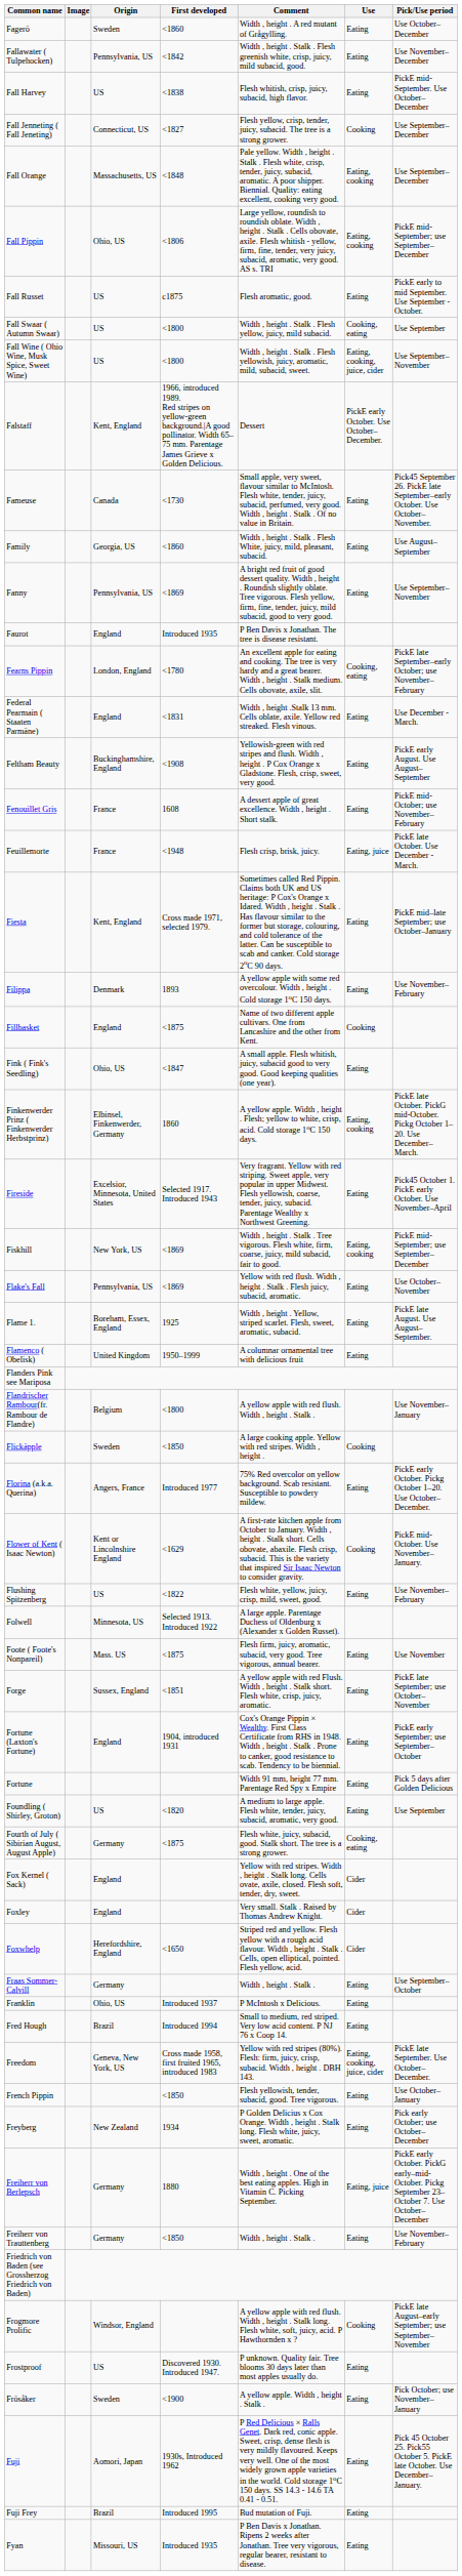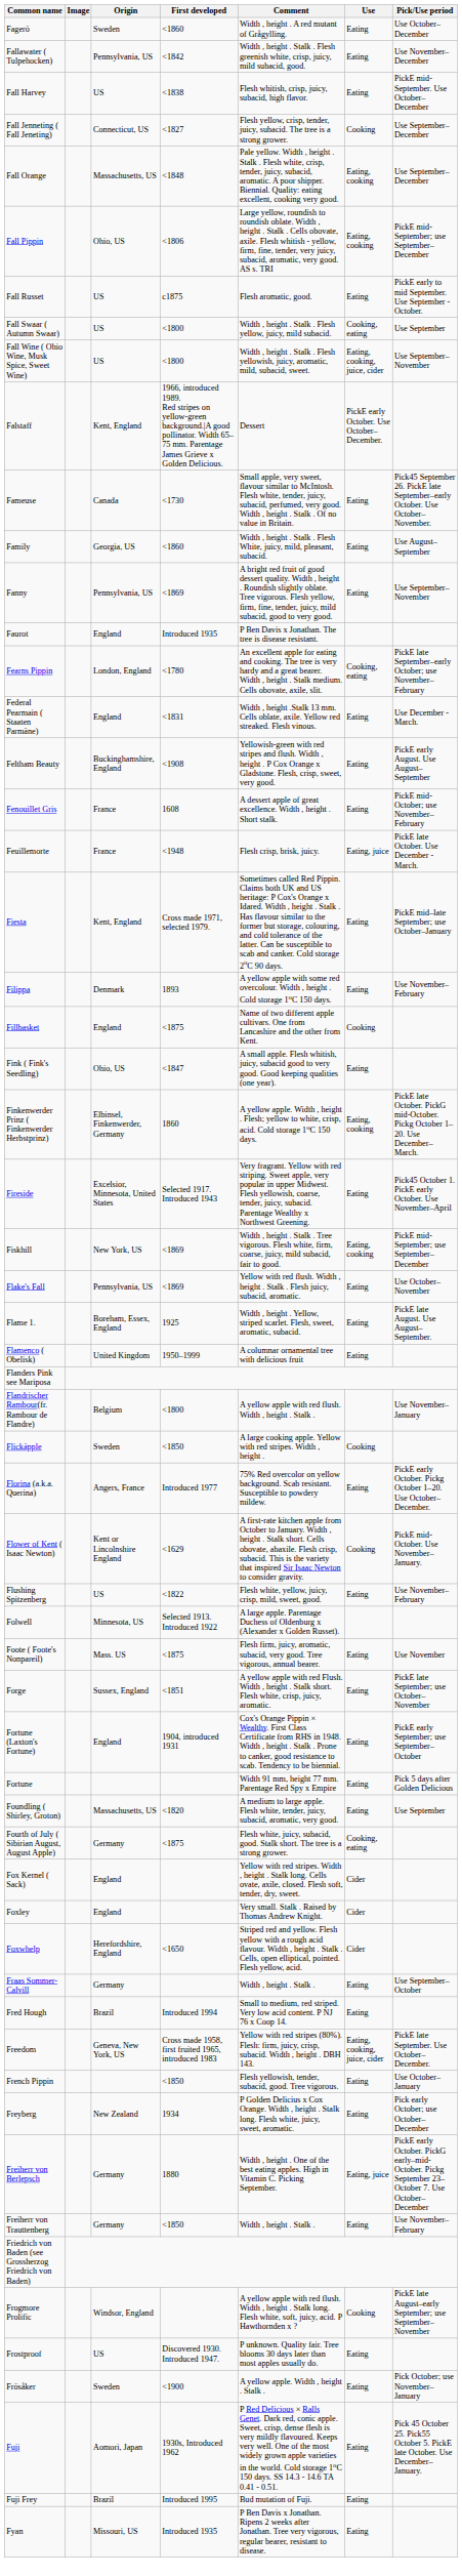 <table class="wikitable sortable">
 <tr>
 <th>Common name</th>
 <th>Image</th>
 <th>Origin</th>
 <th>First developed</th>
 <th>Comment</th>
 <th>Use</th>
 <th>Pick/Use period</th>
 </tr>
 <tr>
 <td>Fagerö</td>
 <td></td>
 <td>Sweden</td>
 <td><1860</td>
 <td>Width , height . A red mutant of Grågylling.</td>
 <td>Eating</td>
 <td>Use October–December</td>
 </tr>
 <tr>
 <td>Fallawater ( Tulpehocken)</td>
 <td></td>
 <td>Pennsylvania, US</td>
 <td><1842</td>
 <td>Width , height . Stalk . Flesh greenish white, crisp, juicy, mild subacid, good.</td>
 <td>Eating</td>
 <td>Use November–December</td>
 </tr>
 <tr>
 <td>Fall Harvey</td>
 <td></td>
 <td>US</td>
 <td><1838</td>
 <td>Flesh whitish, crisp, juicy, subacid, high flavor.</td>
 <td>Eating</td>
 <td>PickE mid-September. Use October–December</td>
 </tr>
 <tr>
 <td>Fall Jenneting ( Fall Jeneting)</td>
 <td></td>
 <td>Connecticut, US</td>
 <td><1827</td>
 <td>Flesh yellow, crisp, tender, juicy, subacid. The tree is a strong grower.</td>
 <td>Cooking</td>
 <td>Use September–December</td>
 </tr>
 <tr>
 <td>Fall Orange</td>
 <td></td>
 <td>Massachusetts, US</td>
 <td><1848</td>
 <td>Pale yellow. Width , height . Stalk . Flesh white, crisp, tender, juicy, subacid, aromatic. A poor shipper. Biennial. Quality: eating excellent, cooking very good.</td>
 <td>Eating, cooking</td>
 <td>Use September–December</td>
 </tr>
 <tr>
 <td><a href='#'>Fall Pippin</a></td>
 <td></td>
 <td>Ohio, US</td>
 <td><1806</td>
 <td>Large yellow, roundish to roundish oblate. Width , height . Stalk . Cells obovate, axile. Flesh whitish - yellow, firm, fine, tender, very juicy, subacid, aromatic, very good. AS s. TRI</td>
 <td>Eating, cooking</td>
 <td>PickE mid-September; use September–December</td>
 </tr>
 <tr>
 <td>Fall Russet</td>
 <td></td>
 <td>US</td>
 <td>c1875</td>
 <td>Flesh aromatic, good.</td>
 <td>Eating</td>
 <td>PickE early to mid September. Use September - October.</td>
 </tr>
 <tr>
 <td>Fall Swaar ( Autumn Swaar)</td>
 <td></td>
 <td>US</td>
 <td><1800</td>
 <td>Width , height . Stalk . Flesh yellow, juicy, mild subacid.</td>
 <td>Cooking, eating</td>
 <td>Use September</td>
 </tr>
 <tr>
 <td>Fall Wine ( Ohio Wine, Musk Spice, Sweet Wine)</td>
 <td></td>
 <td>US</td>
 <td><1800</td>
 <td>Width , height . Stalk . Flesh yellowish, juicy, aromatic, mild, subacid, sweet.</td>
 <td>Eating, cooking, juice, cider</td>
 <td>Use September–November</td>
 </tr>
 <tr>
 <td>Falstaff</td>
 <td></td>
 <td>Kent, England</td>
 <td>1966, introduced 1989.<br>Red stripes on yellow-green background.|A good pollinator. Width 65–75 mm. Parentage James Grieve x Golden Delicious.</td>
 <td>Dessert</td>
 <td>PickE early October. Use October–December.</td>
 </tr>
 <tr>
 <td>Fameuse</td>
 <td></td>
 <td>Canada</td>
 <td><1730</td>
 <td>Small apple, very sweet, flavour similar to McIntosh. Flesh white, tender, juicy, subacid, perfumed, very good. Width , height . Stalk . Of no value in Britain.</td>
 <td>Eating</td>
 <td>Pick45 September 26. PickE late September–early October. Use October–November.</td>
 </tr>
 <tr>
 <td>Family</td>
 <td></td>
 <td>Georgia, US</td>
 <td><1860</td>
 <td>Width , height . Stalk . Flesh White, juicy, mild, pleasant, subacid.</td>
 <td>Eating</td>
 <td>Use August–September</td>
 </tr>
 <tr>
 <td>Fanny</td>
 <td></td>
 <td>Pennsylvania, US</td>
 <td><1869</td>
 <td>A bright red fruit of good dessert quality. Width , height . Roundish slightly oblate. Tree vigorous. Flesh yellow, firm, fine, tender, juicy, mild subacid, good to very good.</td>
 <td>Eating</td>
 <td>Use September–November</td>
 </tr>
 <tr>
 <td>Faurot</td>
 <td></td>
 <td>England</td>
 <td>Introduced 1935</td>
 <td>P Ben Davis x Jonathan. The tree is disease resistant.</td>
 <td></td>
 <td></td>
 </tr>
 <tr>
 <td><a href='#'>Fearns Pippin</a></td>
 <td></td>
 <td>London, England</td>
 <td><1780</td>
 <td>An excellent apple for eating and cooking. The tree is very hardy and a great bearer. Width , height . Stalk medium. Cells obovate, axile, slit.</td>
 <td>Cooking, eating</td>
 <td>PickE late September–early October; use November–February</td>
 </tr>
 <tr>
 <td>Federal Pearmain ( Staaten Parmäne)</td>
 <td></td>
 <td>England</td>
 <td><1831</td>
 <td>Width , height .Stalk 13 mm. Cells oblate, axile. Yellow red streaked. Flesh vinous.</td>
 <td>Eating</td>
 <td>Use December - March.</td>
 </tr>
 <tr>
 <td>Feltham Beauty</td>
 <td></td>
 <td>Buckinghamshire, England</td>
 <td><1908</td>
 <td>Yellowish-green with red stripes and flush. Width , height . P Cox Orange x Gladstone. Flesh, crisp, sweet, very good.</td>
 <td>Eating</td>
 <td>PickE early August. Use August–September</td>
 </tr>
 <tr>
 <td><a href='#'>Fenouillet Gris</a></td>
 <td></td>
 <td>France</td>
 <td>1608</td>
 <td>A dessert apple of great excellence. Width , height . Short stalk.</td>
 <td>Eating</td>
 <td>PickE mid-October; use November–February</td>
 </tr>
 <tr>
 <td>Feuillemorte</td>
 <td></td>
 <td>France</td>
 <td><1948</td>
 <td>Flesh crisp, brisk, juicy.</td>
 <td>Eating, juice</td>
 <td>PickE late October. Use December - March.</td>
 </tr>
 <tr>
 <td><a href='#'>Fiesta</a> </td>
 <td></td>
 <td>Kent, England</td>
 <td>Cross made 1971, selected 1979.</td>
 <td>Sometimes called Red Pippin. Claims both UK and US heritage: P Cox's Orange x Idared. Width , height . Stalk . Has flavour similar to the former but storage, colouring, and cold tolerance of the latter. Can be susceptible to scab and canker. Cold storage 2<sup>o</sup>C 90 days.</td>
 <td>Eating</td>
 <td>PickE mid–late September; use October–January</td>
 </tr>
 <tr>
 <td><a href='#'>Filippa</a></td>
 <td></td>
 <td>Denmark</td>
 <td>1893</td>
 <td>A yellow apple with some red overcolour. Width , height . Cold storage 1<sup>o</sup>C 150 days.</td>
 <td>Eating</td>
 <td>Use November–February</td>
 </tr>
 <tr>
 <td><a href='#'>Fillbasket</a></td>
 <td></td>
 <td>England</td>
 <td><1875</td>
 <td>Name of two different apple cultivars. One from Lancashire and the other from Kent.</td>
 <td>Cooking</td>
 <td></td>
 </tr>
 <tr>
 <td>Fink ( Fink's Seedling)</td>
 <td></td>
 <td>Ohio, US</td>
 <td><1847</td>
 <td>A small apple. Flesh whitish, juicy, subacid good to very good. Good keeping qualities (one year).</td>
 <td>Eating</td>
 <td></td>
 </tr>
 <tr>
 <td>Finkenwerder Prinz ( Finkenwerder Herbstprinz)</td>
 <td></td>
 <td>Elbinsel, Finkenwerder, Germany</td>
 <td>1860</td>
 <td>A yellow apple.  Width , height . Flesh; yellow to white, crisp, acid. Cold storage 1<sup>o</sup>C 150 days.</td>
 <td>Eating, cooking</td>
 <td>PickE late October. PickG mid-October. Pickg October 1–20. Use December–March.</td>
 </tr>
 <tr>
 <td><a href='#'>Fireside</a></td>
 <td></td>
 <td>Excelsior, Minnesota, United States</td>
 <td>Selected 1917. Introduced 1943</td>
 <td>Very fragrant. Yellow with red striping. Sweet apple, very popular in upper Midwest. Flesh yellowish, coarse, tender, juicy, subacid. Parentage Wealthy x Northwest Greening.</td>
 <td>Eating</td>
 <td>Pick45 October 1. PickE early October. Use November–April</td>
 </tr>
 <tr>
 <td>Fiskhill</td>
 <td></td>
 <td>New York, US</td>
 <td><1869</td>
 <td>Width , height . Stalk . Tree vigorous. Flesh white, firm, coarse, juicy, mild subacid, fair to good.</td>
 <td>Eating, cooking</td>
 <td>PickE mid-September; use September–December</td>
 </tr>
 <tr>
 <td><a href='#'>Flake's Fall</a></td>
 <td></td>
 <td>Pennsylvania, US</td>
 <td><1869</td>
 <td>Yellow with red flush. Width , height . Stalk . Flesh juicy, subacid, aromatic.</td>
 <td>Eating</td>
 <td>Use October–November</td>
 </tr>
 <tr>
 <td>Flame 1.</td>
 <td></td>
 <td>Boreham, Essex, England</td>
 <td>1925</td>
 <td>Width , height . Yellow, striped scarlet. Flesh, sweet, aromatic, subacid.</td>
 <td>Eating</td>
 <td>PickE late August. Use August–September.</td>
 </tr>
 <tr>
 <td><a href='#'>Flamenco</a> ( Obelisk)</td>
 <td></td>
 <td>United Kingdom</td>
 <td>1950–1999</td>
 <td>A columnar ornamental tree with delicious fruit</td>
 <td>Eating</td>
 <td></td>
 </tr>
 <tr>
 <td>Flanders Pink see Mariposa</td>
 </tr>
 <tr>
 <td><a href='#'>Flandrischer Rambour</a>(fr. Rambour de Flandre)</td>
 <td></td>
 <td>Belgium</td>
 <td><1800</td>
 <td>A yellow apple with red flush. Width , height . Stalk .</td>
 <td></td>
 <td>Use November–January</td>
 </tr>
 <tr>
 <td><a href='#'>Flickäpple</a></td>
 <td></td>
 <td>Sweden</td>
 <td><1850</td>
 <td>A large cooking apple. Yellow with red stripes. Width , height .</td>
 <td>Cooking</td>
 <td></td>
 </tr>
 <tr>
 <td><a href='#'>Florina</a> (a.k.a. Querina) </td>
 <td></td>
 <td>Angers, France</td>
 <td>Introduced 1977</td>
 <td>75% Red overcolor on yellow background. Scab resistant. Susceptible to powdery mildew.</td>
 <td>Eating</td>
 <td>PickE early October. Pickg October 1–20.  Use October–December.</td>
 </tr>
 <tr>
 <td><a href='#'>Flower of Kent</a> ( Isaac Newton)</td>
 <td></td>
 <td>Kent or Lincolnshire England</td>
 <td><1629</td>
 <td>A first-rate kitchen apple from October to January. Width , height . Stalk short. Cells obovate, abaxile. Flesh crisp, subacid. This is the variety that inspired <a href='#'>Sir Isaac Newton</a> to consider gravity.</td>
 <td>Cooking</td>
 <td>PickE mid-October. Use November–January.</td>
 </tr>
 <tr>
 <td>Flushing Spitzenberg</td>
 <td></td>
 <td>US</td>
 <td><1822</td>
 <td>Flesh white, yellow, juicy, crisp, mild, sweet, good.</td>
 <td>Eating</td>
 <td>Use November–February</td>
 </tr>
 <tr>
 <td>Folwell</td>
 <td></td>
 <td>Minnesota, US</td>
 <td>Selected 1913. Introduced 1922</td>
 <td>A large apple. Parentage Duchess of Oldenburg x (Alexander x Golden Russet).</td>
 <td></td>
 <td></td>
 </tr>
 <tr>
 <td>Foote ( Foote's Nonpareil)</td>
 <td></td>
 <td>Mass. US</td>
 <td><1875</td>
 <td>Flesh firm, juicy, aromatic, subacid, very good. Tree vigorous, annual bearer.</td>
 <td>Eating</td>
 <td>Use November</td>
 </tr>
 <tr>
 <td>Forge</td>
 <td></td>
 <td>Sussex, England</td>
 <td><1851</td>
 <td>A yellow apple with red Flush. Width , height . Stalk short. Flesh white, crisp, juicy, aromatic.</td>
 <td>Eating</td>
 <td>PickE late September; use October–November</td>
 </tr>
 <tr>
 <td>Fortune  (Laxton's Fortune)</td>
 <td></td>
 <td>England</td>
 <td>1904, introduced 1931</td>
 <td>Cox's Orange Pippin × <a href='#'>Wealthy</a>. First Class Certificate from RHS in 1948. Width , height . Stalk . Prone to canker, good resistance to scab. Tendency to be biennial.</td>
 <td>Eating</td>
 <td>PickE early September; use September–October</td>
 </tr>
 <tr>
 <td>Fortune</td>
 <td></td>
 <td></td>
 <td></td>
 <td>Width  91 mm, height 77 mm. Parentage Red Spy x Empire</td>
 <td>Eating</td>
 <td>Pick 5 days after Golden Delicious</td>
 </tr>
 <tr>
 <td>Foundling ( Shirley, Groton)</td>
 <td></td>
-<td>US</td>
+<td>Massachusetts, US</td>
 <td><1820</td>
 <td>A medium to large apple. Flesh white, tender, juicy, subacid, aromatic, very good.</td>
 <td>Eating</td>
 <td>Use September</td>
 </tr>
 <tr>
 <td>Fourth of July ( Sibirian August, August Apple)</td>
 <td></td>
 <td>Germany</td>
 <td><1875</td>
 <td>Flesh white, juicy, subacid, good. Stalk short. The tree is a strong grower.</td>
 <td>Cooking, eating</td>
 <td></td>
 </tr>
 <tr>
 <td>Fox Kernel ( Sack)</td>
 <td></td>
 <td>England</td>
 <td></td>
 <td>Yellow with red stripes. Width , height . Stalk long. Cells ovate, axile, closed. Flesh soft, tender, dry, sweet.</td>
 <td>Cider</td>
 <td></td>
 </tr>
 <tr>
 <td>Foxley</td>
 <td></td>
 <td>England</td>
 <td></td>
 <td>Very small. Stalk . Raised by Thomas Andrew Knight.</td>
 <td>Cider</td>
 <td></td>
 </tr>
 <tr>
 <td><a href='#'>Foxwhelp</a></td>
 <td></td>
 <td>Herefordshire, England</td>
 <td><1650</td>
 <td>Striped red and yellow. Flesh yellow with a rough acid flavour. Width , height . Stalk . Cells, open elliptical, pointed. Flesh yellow, acid.</td>
 <td>Cider</td>
 <td></td>
 </tr>
 <tr>
 <td><a href='#'>Fraas Sommer-Calvill</a></td>
 <td></td>
 <td>Germany</td>
 <td></td>
 <td>Width , height . Stalk .</td>
 <td>Eating</td>
 <td>Use September–October</td>
-</tr>
-<tr>
-<td>Franklin</td>
-<td></td>
-<td>Ohio, US</td>
-<td>Introduced 1937</td>
-<td>P McIntosh x Delicious.</td>
-<td>Eating</td>
-<td></td>
 </tr>
 <tr>
 <td>Fred Hough</td>
 <td></td>
 <td>Brazil</td>
 <td>Introduced 1994</td>
 <td>Small to medium, red striped. Very low acid content. P NJ 76 x Coop 14.</td>
 <td>Eating</td>
 <td></td>
 </tr>
 <tr>
 <td>Freedom</td>
 <td></td>
 <td>Geneva, New York, US</td>
 <td>Cross made 1958, first fruited 1965, introduced 1983</td>
 <td>Yellow with red stripes (80%). Flesh: firm, juicy, crisp, subacid. Width , height . DBH 143.</td>
 <td>Eating, cooking, juice, cider</td>
 <td>PickE late September. Use October–December.</td>
 </tr>
 <tr>
 <td>French Pippin</td>
 <td></td>
 <td></td>
 <td><1850</td>
 <td>Flesh yellowish, tender, subacid, good. Tree vigorous.</td>
 <td>Eating</td>
 <td>Use October–January</td>
 </tr>
 <tr>
 <td>Freyberg</td>
 <td></td>
 <td>New Zealand</td>
 <td>1934</td>
 <td>P Golden Delicius x Cox Orange. Width , height . Stalk long. Flesh white, juicy, sweet, aromatic.</td>
 <td>Eating</td>
 <td>Pick early October; use October–December</td>
 </tr>
 <tr>
 <td><a href='#'>Freiherr von Berlepsch</a></td>
 <td></td>
 <td>Germany</td>
 <td>1880</td>
 <td>Width , height . One of the best eating apples. High in Vitamin C. Picking September.</td>
 <td>Eating, juice</td>
 <td>PickE early October. PickG early–mid-October. Pickg September 23–October 7. Use October–December</td>
 </tr>
 <tr>
 <td>Freiherr von Trauttenberg</td>
 <td></td>
 <td>Germany</td>
 <td><1850</td>
 <td>Width , height . Stalk .</td>
 <td>Eating</td>
 <td>Use November–February</td>
 </tr>
 <tr>
 <td>Friedrich von Baden (see Grossherzog Friedrich von Baden)</td>
 </tr>
 <tr>
 <td>Frogmore Prolific</td>
 <td></td>
 <td>Windsor, England</td>
 <td></td>
 <td>A yellow apple with red flush. Width , height . Stalk long. Flesh white, soft, juicy, acid. P Hawthornden x ?</td>
 <td>Cooking</td>
 <td>PickE late August–early September; use September–November</td>
 </tr>
 <tr>
 <td>Frostproof</td>
 <td></td>
 <td>US</td>
 <td>Discovered 1930. Introduced 1947.</td>
 <td>P unknown. Quality fair. Tree blooms 30 days later than most apples usually do.</td>
 <td>Eating</td>
 <td></td>
 </tr>
 <tr>
 <td>Frösåker</td>
 <td></td>
 <td>Sweden</td>
 <td><1900</td>
 <td>A yellow apple. Width , height . Stalk .</td>
 <td>Eating</td>
 <td>Pick October; use November–January</td>
 </tr>
 <tr>
 <td><a href='#'>Fuji</a></td>
 <td></td>
 <td>Aomori, Japan</td>
 <td>1930s, Introduced 1962</td>
 <td>P <a href='#'>Red Delicious</a> × <a href='#'>Ralls Genet</a>. Dark red, conic apple. Sweet, crisp, dense flesh is very mildly flavoured. Keeps very well. One of the most widely grown apple varieties in the world. Cold storage 1<sup>o</sup>C 150 days.   SS 14.3 - 14.6 TA 0.41 - 0.51.</td>
 <td>Eating</td>
 <td>Pick 45 October 25. Pick55 October 5. PickE late October. Use December–January.</td>
 </tr>
 <tr>
 <td>Fuji Frey</td>
 <td></td>
 <td>Brazil</td>
 <td>Introduced 1995</td>
 <td>Bud mutation of Fuji.</td>
 <td>Eating</td>
 <td></td>
 </tr>
 <tr>
 <td>Fyan</td>
 <td></td>
 <td>Missouri, US</td>
 <td>Introduced 1935</td>
 <td>P Ben Davis x Jonathan. Ripens 2 weeks after Jonathan. Tree very vigorous, regular bearer, resistant to disease.</td>
 <td>Eating</td>
 <td></td>
 </tr>
 </table>
